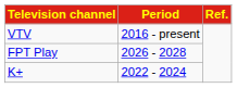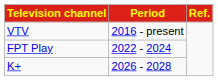 <table class="wikitable" style="text-align: left">
 <tr>
 <th style="background-color:#DB2017; color:#FFFF00">Television channel</th>
 <th style="background-color:#DB2017; color:#FFFF00">Period</th>
 <th style="background-color:#DB2017; color:#FFFF00">Ref.</th>
 </tr>
 <tr>
 <td><a href='#'>VTV</a></td>
 <td><a href='#'>2016</a> - present</td>
 </tr>
 <tr>
 <td><a href='#'>FPT Play</a></td>
-<td><a href='#'>2026</a> - <a href='#'>2028</a></td>
+<td><a href='#'>2022</a> - <a href='#'>2024</a></td>
 </tr>
 <tr>
 <td><a href='#'>K+</a></td>
-<td><a href='#'>2022</a> - <a href='#'>2024</a></td>
+<td><a href='#'>2026</a> - <a href='#'>2028</a></td>
 </tr>
 </table>
